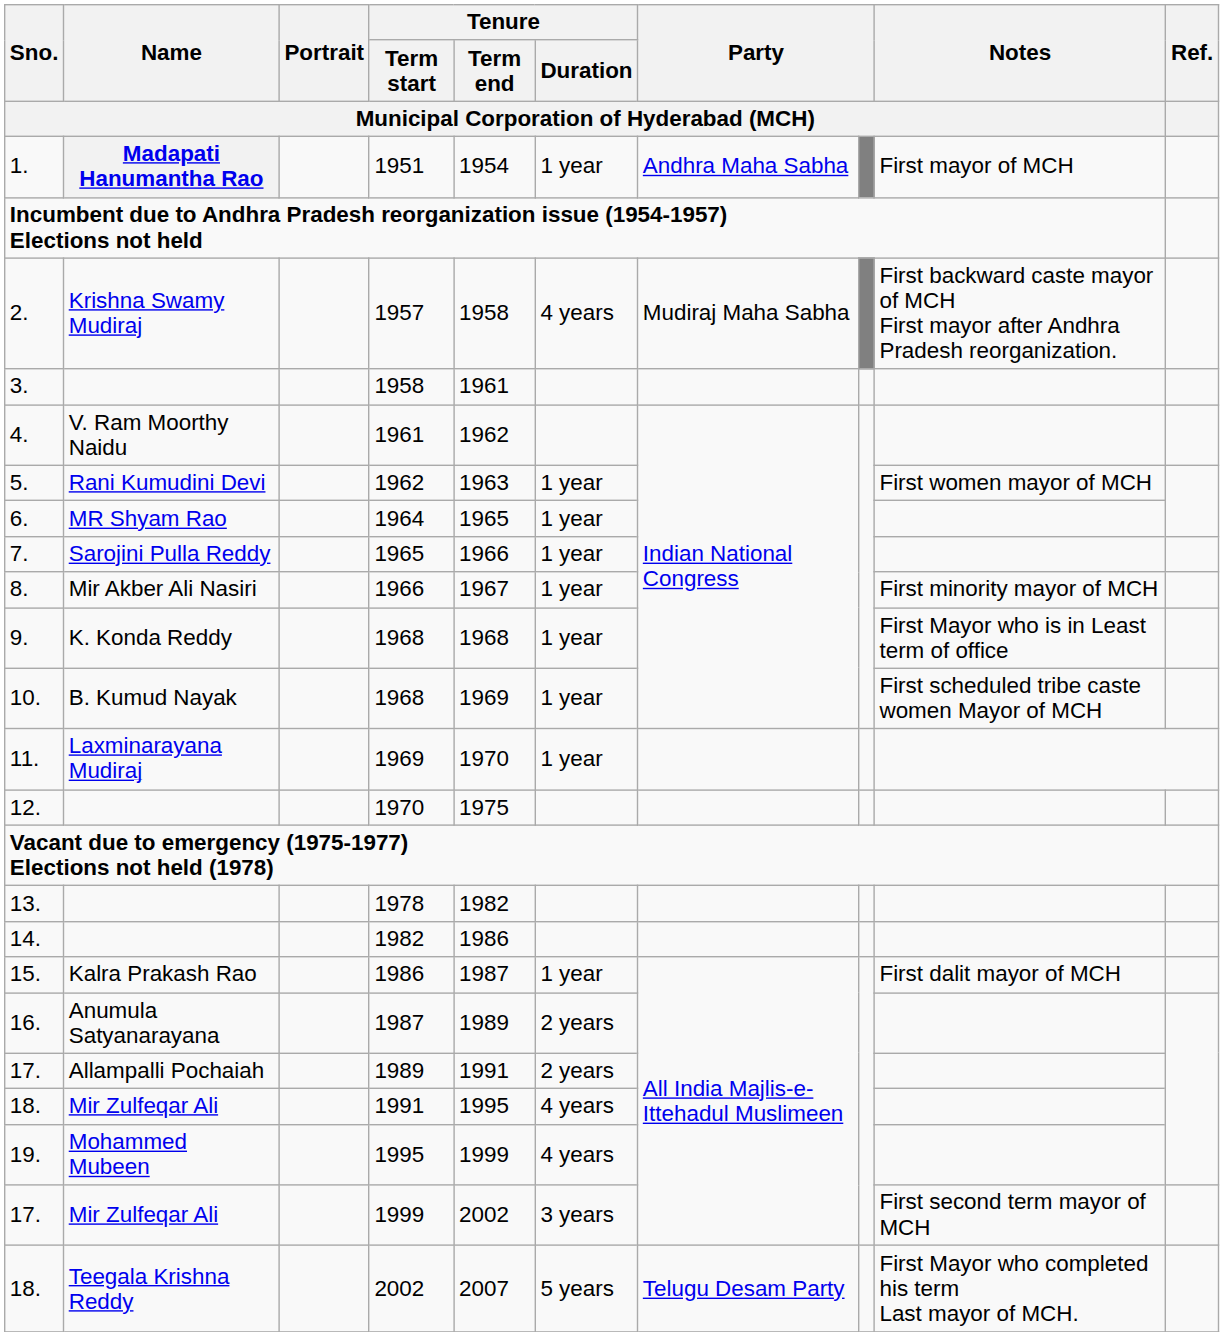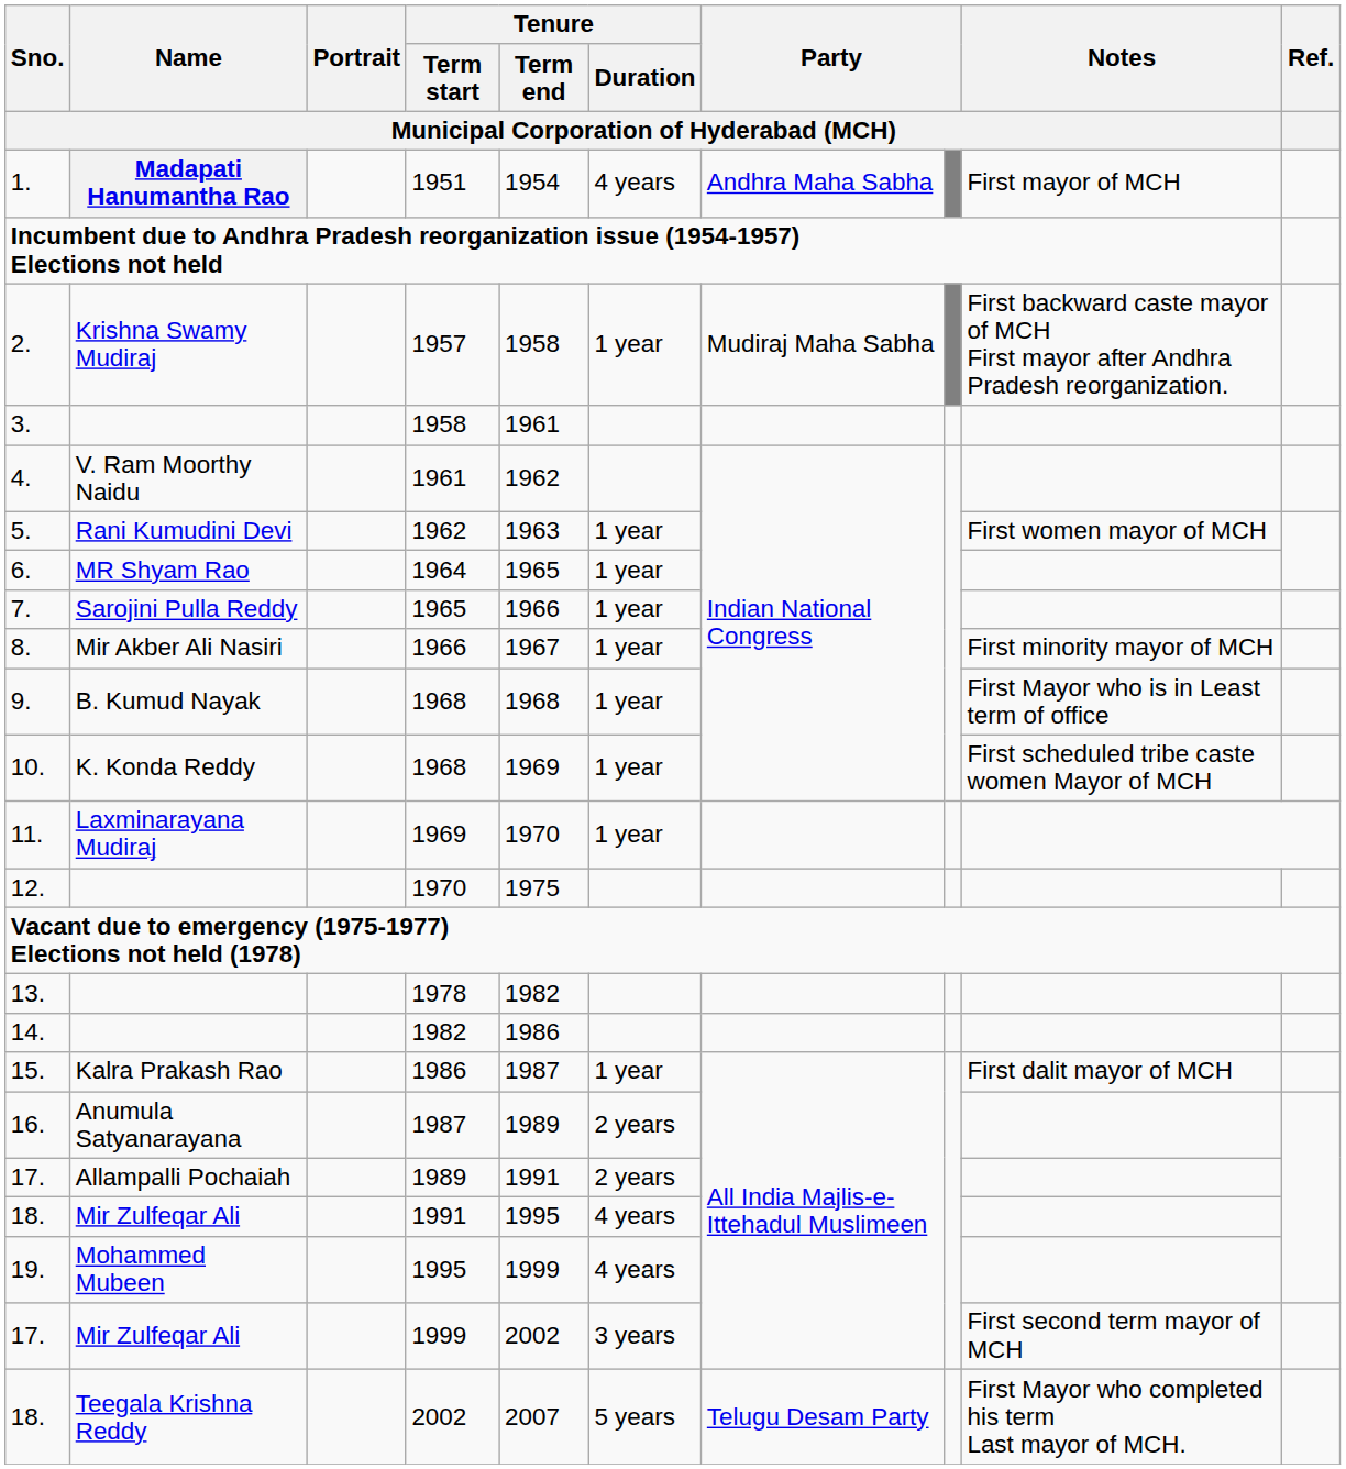 <table class="wikitable sortable">
 <tr>
 <th rowspan=2>Sno.</th>
 <th rowspan=2>Name</th>
 <th rowspan=2>Portrait</th>
 <th colspan=3>Tenure</th>
 <th rowspan=2 colspan=2>Party</th>
 <th rowspan=2>Notes</th>
 <th rowspan=2>Ref.</th>
 </tr>
 <tr>
 <th>Term start</th>
 <th>Term end</th>
 <th>Duration</th>
 </tr>
 <tr>
 <th colspan="9">Municipal Corporation of Hyderabad (MCH)</th>
 <th></th>
 </tr>
 <tr>
 <td>1.</td>
 <th><a href='#'>Madapati Hanumantha Rao</a></th>
 <td></td>
 <td>1951</td>
 <td>1954</td>
-<td>1 year</td>
+<td>4 years</td>
 <td><a href='#'>Andhra Maha Sabha</a></td>
 <td rowspan=1 width="4px" style="background-color:#808080 "></td>
 <td>First mayor of MCH</td>
 <td></td>
 </tr>
 <tr>
 <td colspan="9"><strong>Incumbent due to Andhra Pradesh reorganization issue (1954-1957)<br>Elections not held</strong></td>
 <td></td>
 </tr>
 <tr>
 <td>2.</td>
 <td><a href='#'>Krishna Swamy Mudiraj</a></td>
 <td></td>
 <td>1957</td>
 <td>1958</td>
-<td>4 years</td>
+<td>1 year</td>
 <td>Mudiraj Maha Sabha</td>
 <td rowspan=1 width="4px" style="background-color:#808080 "></td>
 <td>First backward caste mayor of MCH<br>First mayor after Andhra Pradesh reorganization.</td>
 <td></td>
 </tr>
 <tr>
 <td>3.</td>
 <td></td>
 <td></td>
 <td>1958</td>
 <td>1961</td>
 <td></td>
 <td></td>
 <td></td>
 <td></td>
 <td></td>
 </tr>
 <tr>
 <td>4.</td>
 <td>V. Ram Moorthy Naidu</td>
 <td></td>
 <td>1961</td>
 <td>1962</td>
 <td></td>
 <td rowspan=7><a href='#'>Indian National Congress</a></td>
 <td rowspan=7 width="4px" style="background-color: "></td>
 <td></td>
 <td></td>
 </tr>
 <tr>
 <td>5.</td>
 <td><a href='#'>Rani Kumudini Devi</a></td>
 <td></td>
 <td>1962</td>
 <td>1963</td>
 <td>1 year</td>
 <td>First women mayor of MCH</td>
 <td rowspan=2></td>
 </tr>
 <tr>
 <td>6.</td>
 <td><a href='#'>MR Shyam Rao</a></td>
 <td></td>
 <td>1964</td>
 <td>1965</td>
 <td>1 year</td>
 <td></td>
 </tr>
 <tr>
 <td>7.</td>
 <td><a href='#'>Sarojini Pulla Reddy</a></td>
 <td></td>
 <td>1965</td>
 <td>1966</td>
 <td>1 year</td>
 <td></td>
 </tr>
 <tr>
 <td>8.</td>
 <td>Mir Akber Ali Nasiri</td>
 <td></td>
 <td>1966</td>
 <td>1967</td>
 <td>1 year</td>
 <td>First minority mayor of MCH</td>
 <td></td>
 </tr>
 <tr>
 <td>9.</td>
-<td>K. Konda Reddy</td>
+<td>B. Kumud Nayak</td>
 <td></td>
 <td>1968</td>
 <td>1968</td>
 <td>1 year</td>
 <td>First Mayor who is in Least term of office</td>
 <td></td>
 </tr>
 <tr>
 <td>10.</td>
-<td>B. Kumud Nayak</td>
+<td>K. Konda Reddy</td>
 <td></td>
 <td>1968</td>
 <td>1969</td>
 <td>1 year</td>
 <td>First scheduled tribe caste women Mayor of MCH</td>
 <td></td>
 </tr>
 <tr>
 <td>11.</td>
 <td><a href='#'>Laxminarayana Mudiraj</a></td>
 <td></td>
 <td>1969</td>
 <td>1970</td>
 <td>1 year</td>
 <td></td>
 <td></td>
 </tr>
 <tr>
 <td>12.</td>
 <td></td>
 <td></td>
 <td>1970</td>
 <td>1975</td>
 <td></td>
 <td></td>
 <td></td>
 <td></td>
 <td></td>
 </tr>
 <tr>
 <td colspan="10"><strong>Vacant due to emergency (1975-1977)<br>Elections not held (1978)</strong></td>
 </tr>
 <tr>
 <td>13.</td>
 <td></td>
 <td></td>
 <td>1978</td>
 <td>1982</td>
 <td></td>
 <td></td>
 <td></td>
 <td></td>
 <td></td>
 </tr>
 <tr>
 <td>14.</td>
 <td></td>
 <td></td>
 <td>1982</td>
 <td>1986</td>
 <td></td>
 <td></td>
 <td></td>
 <td></td>
 <td></td>
 </tr>
 <tr>
 <td>15.</td>
 <td>Kalra Prakash Rao</td>
 <td></td>
 <td>1986</td>
 <td>1987</td>
 <td>1 year</td>
 <td rowspan=6><a href='#'>All India Majlis-e-Ittehadul Muslimeen</a></td>
 <td rowspan=6 width="4px" style="background-color: "></td>
 <td>First dalit mayor of MCH</td>
 <td></td>
 </tr>
 <tr>
 <td>16.</td>
 <td>Anumula Satyanarayana</td>
 <td></td>
 <td>1987</td>
 <td>1989</td>
 <td>2 years</td>
 <td></td>
 <td rowspan=4></td>
 </tr>
 <tr>
 <td>17.</td>
 <td>Allampalli Pochaiah</td>
 <td></td>
 <td>1989</td>
 <td>1991</td>
 <td>2 years</td>
 <td></td>
 </tr>
 <tr>
 <td>18.</td>
 <td><a href='#'>Mir Zulfeqar Ali</a></td>
 <td></td>
 <td>1991</td>
 <td>1995</td>
 <td>4 years</td>
 <td></td>
 </tr>
 <tr>
 <td>19.</td>
 <td><a href='#'>Mohammed Mubeen</a></td>
 <td></td>
 <td>1995</td>
 <td>1999</td>
 <td>4 years</td>
 <td></td>
 </tr>
 <tr>
 <td>17.</td>
 <td><a href='#'>Mir Zulfeqar Ali</a></td>
 <td></td>
 <td>1999</td>
 <td>2002</td>
 <td>3 years</td>
 <td>First second term mayor of MCH</td>
 <td></td>
 </tr>
 <tr>
 <td>18.</td>
 <td><a href='#'>Teegala Krishna Reddy</a></td>
 <td></td>
 <td>2002</td>
 <td>2007</td>
 <td>5 years</td>
 <td><a href='#'>Telugu Desam Party</a></td>
 <td rowspan=1 width="4px" style="background-color: "></td>
 <td>First Mayor who completed his term<br>Last mayor of MCH.</td>
 <td></td>
 </tr>
 </table>
